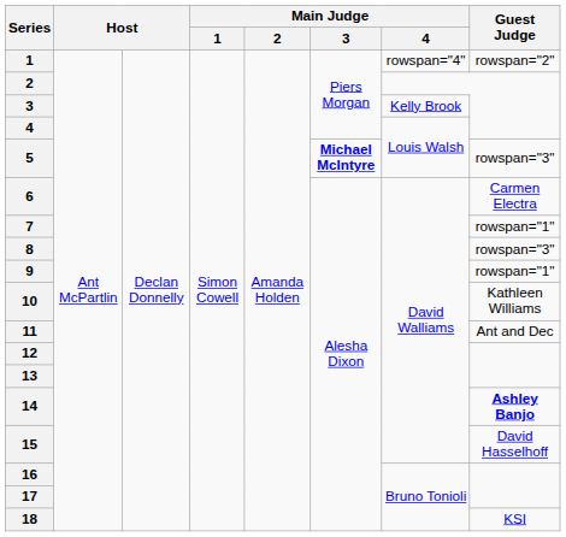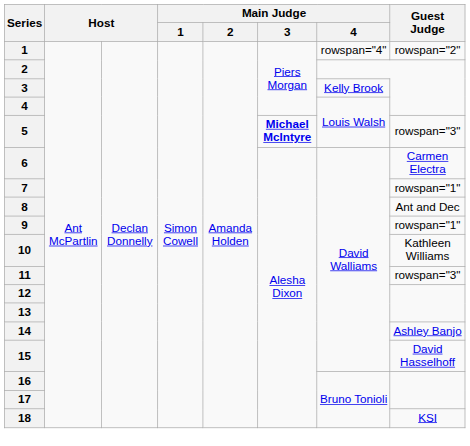 <table class="wikitable" style="text-align:center; width: 50%;">
 <tr>
 <th rowspan=2>Series</th>
 <th colspan="2" rowspan="2">Host</th>
 <th colspan="4">Main Judge</th>
 <th colspan="2" rowspan="2">Guest Judge</th>
 </tr>
 <tr>
 <th>1</th>
 <th>2</th>
 <th>3</th>
 <th>4</th>
 </tr>
 <tr>
 <th scope="row">1</th>
 <td rowspan="18"><a href='#'>Ant McPartlin</a></td>
 <td rowspan="18"><a href='#'>Declan Donnelly</a></td>
 <td rowspan="18"><a href='#'>Simon Cowell</a>   </td>
 <td rowspan="18"><a href='#'>Amanda Holden</a> </td>
 <td rowspan="4"><a href='#'>Piers Morgan</a></td>
 <td>rowspan="4" </td>
 <td>rowspan="2" </td>
 </tr>
 <tr>
 <th scope="row">2</th>
 </tr>
 <tr>
 <th scope="row">3</th>
 <td rowspan="1"><a href='#'>Kelly Brook</a></td>
 </tr>
 <tr>
 <th scope="row">4</th>
 <td rowspan="2"><a href='#'>Louis Walsh</a></td>
 </tr>
 <tr>
 <th scope="row">5</th>
 <td rowspan="1"><strong><a href='#'>Michael McIntyre</a></strong></td>
 <td>rowspan="3" </td>
 </tr>
 <tr>
 <th scope="row">6</th>
 <td rowspan="13"><a href='#'>Alesha Dixon</a></td>
 <td rowspan="10"><a href='#'>David Walliams</a></td>
 <td rowspan="1"><a href='#'>Carmen Electra</a></td>
 </tr>
 <tr>
 <th scope="row">7</th>
 <td>rowspan="1" </td>
 </tr>
 <tr>
 <th scope="row">8</th>
-<td>rowspan="3" </td>
+<td rowspan="1">Ant and Dec</td>
 </tr>
 <tr>
 <th scope="row">9</th>
 <td>rowspan="1" </td>
 </tr>
 <tr>
 <th scope="row">10</th>
 <td rowspan="1">Kathleen Williams</td>
 </tr>
 <tr>
 <th scope="row">11</th>
-<td rowspan="1">Ant and Dec</td>
+<td>rowspan="3" </td>
 </tr>
 <tr>
 <th scope="row">12</th>
 </tr>
 <tr>
 <th scope="row">13</th>
 </tr>
 <tr>
 <th scope="row">14</th>
-<td rowspan="1"><strong><a href='#'>Ashley Banjo</a></strong></td>
+<td rowspan="1"><a href='#'>Ashley Banjo</a></td>
 </tr>
 <tr>
 <th scope="row">15</th>
 <td rowspan="1"><a href='#'>David Hasselhoff</a></td>
 </tr>
 <tr>
 <th scope="row">16</th>
 <td rowspan="3"><a href='#'>Bruno Tonioli</a> </td>
 </tr>
 <tr>
 <th scope="row">17</th>
 </tr>
 <tr>
 <th scope="row">18</th>
 <td rowspan="1"><a href='#'>KSI</a></td>
 </tr>
 </table>
